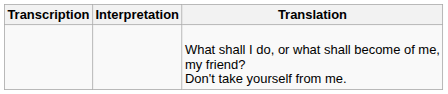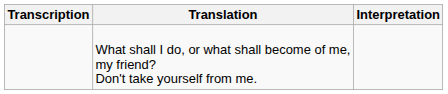 <table class="wikitable">
 <tr>
 <th>Transcription</th>
+<th>Translation</th>
 <th>Interpretation</th>
-<th>Translation</th>
 </tr>
 <tr>
 <td></td>
+<td><br>What shall I do, or what shall become of me,<br>my friend?<br>Don't take yourself from me.</td>
 <td><br></td>
-<td><br>What shall I do, or what shall become of me,<br>my friend?<br>Don't take yourself from me.</td>
 </tr>
 </table>
